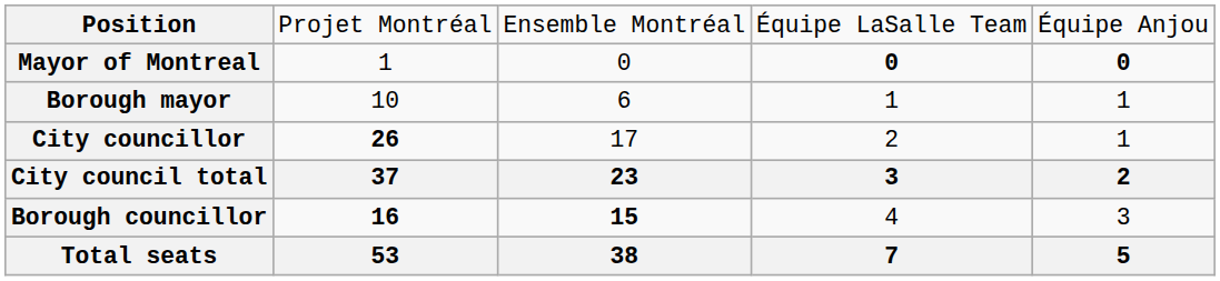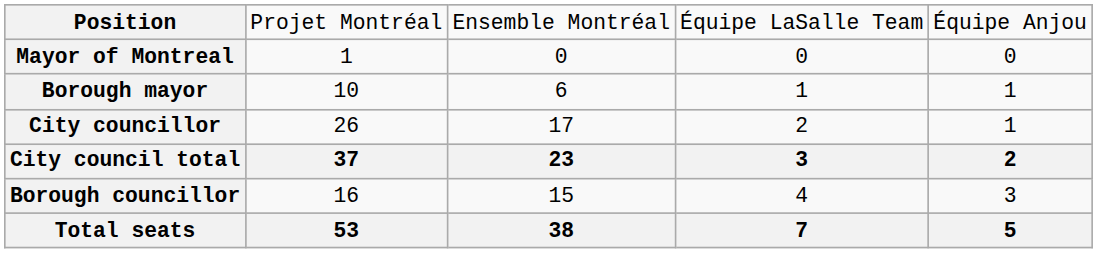 <table class="wikitable" border="1">
 <tr>
 <th>Position</th>
 <td><span>Projet Montréal</span></td>
 <td><span>Ensemble Montréal</span></td>
 <td><span>Équipe LaSalle Team</span></td>
 <td><span>Équipe Anjou</span></td>
 </tr>
 <tr>
 <th>Mayor of Montreal</th>
 <td align=center>1</td>
 <td align=center>0</td>
-<td align=center><strong>0</strong></td>
-<td align=center><strong>0</strong></td>
+<td align=center>0</td>
+<td align=center>0</td>
 </tr>
 <tr>
 <th>Borough mayor</th>
 <td align=center>10</td>
 <td align=center>6</td>
 <td align=center>1</td>
 <td align=center>1</td>
 </tr>
 <tr>
 <th>City councillor</th>
-<td align=center><strong>26</strong></td>
+<td align=center>26</td>
 <td align=center>17</td>
 <td align=center>2</td>
 <td align=center>1</td>
 </tr>
 <tr>
 <th>City council total</th>
 <th>37</th>
 <th>23</th>
 <th>3</th>
 <th>2</th>
 </tr>
 <tr>
 <th>Borough councillor</th>
-<td align=center><strong>16</strong></td>
-<td align=center><strong>15</strong></td>
+<td align=center>16</td>
+<td align=center>15</td>
 <td align=center>4</td>
 <td align=center>3</td>
 </tr>
 <tr>
 <th>Total seats</th>
 <th>53</th>
 <th>38</th>
 <th>7</th>
 <th>5</th>
 </tr>
 </table>
